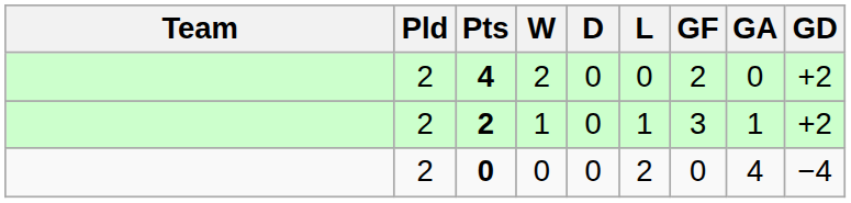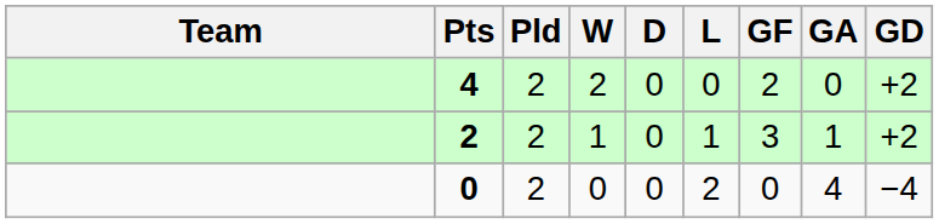 <table class="wikitable" style="text-align:center">
 <tr>
 <th width=200>Team</th>
+<th width=20>Pts</th>
 <th width=20>Pld</th>
-<th width=20>Pts</th>
 <th width=20>W</th>
 <th width=20>D</th>
 <th width=20>L</th>
 <th width=20>GF</th>
 <th width=20>GA</th>
 <th width=25>GD</th>
 </tr>
 <tr style=background:#ccffcc>
 <td style="text-align:left;"></td>
+<td><strong>4</strong></td>
 <td>2</td>
-<td><strong>4</strong></td>
 <td>2</td>
 <td>0</td>
 <td>0</td>
 <td>2</td>
 <td>0</td>
 <td>+2</td>
 </tr>
 <tr style=background:#ccffcc>
 <td style="text-align:left;"></td>
+<td><strong>2</strong></td>
 <td>2</td>
-<td><strong>2</strong></td>
 <td>1</td>
 <td>0</td>
 <td>1</td>
 <td>3</td>
 <td>1</td>
 <td>+2</td>
 </tr>
 <tr>
 <td style="text-align:left;"></td>
+<td><strong>0</strong></td>
 <td>2</td>
-<td><strong>0</strong></td>
 <td>0</td>
 <td>0</td>
 <td>2</td>
 <td>0</td>
 <td>4</td>
 <td>−4</td>
 </tr>
 </table>
